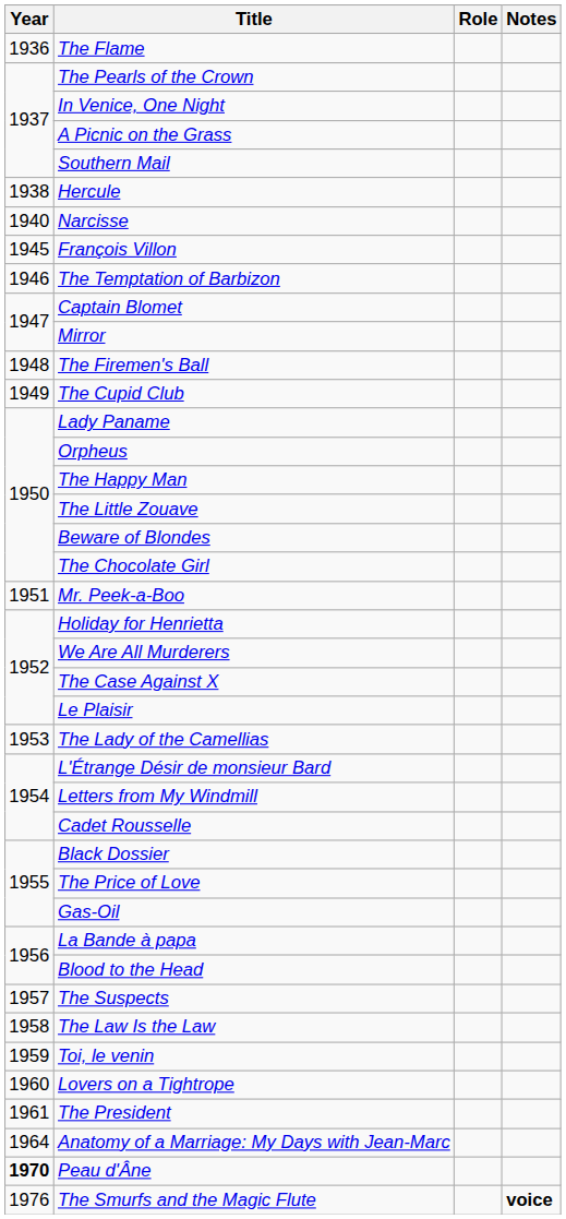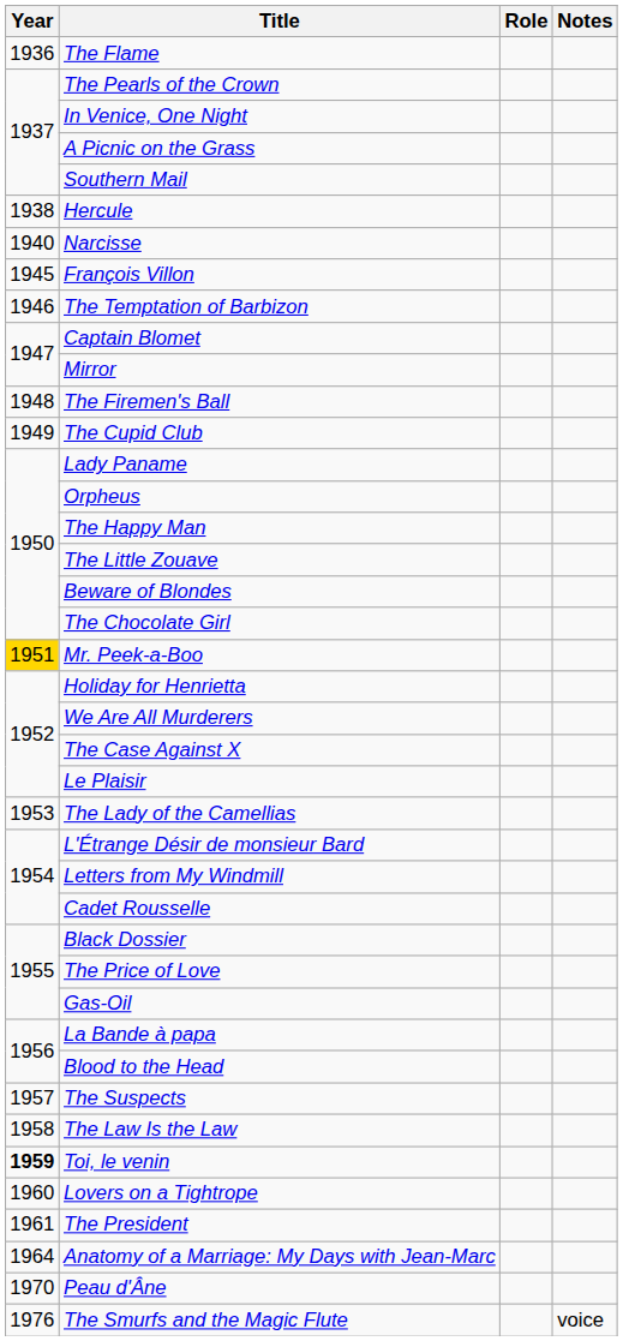 <table class="wikitable sortable">
 <tr>
 <th>Year</th>
 <th>Title</th>
 <th>Role</th>
 <th class="unsortable">Notes</th>
 </tr>
 <tr>
 <td>1936</td>
 <td><em><a href='#'>The Flame</a></em></td>
 <td></td>
 <td></td>
 </tr>
 <tr>
 <td rowspan=4>1937</td>
 <td><em><a href='#'>The Pearls of the Crown</a></em></td>
 <td></td>
 <td></td>
 </tr>
 <tr>
 <td><em><a href='#'>In Venice, One Night</a></em></td>
 <td></td>
 <td></td>
 </tr>
 <tr>
 <td><em><a href='#'>A Picnic on the Grass</a></em></td>
 <td></td>
 <td></td>
 </tr>
 <tr>
 <td><em><a href='#'>Southern Mail</a></em></td>
 <td></td>
 <td></td>
 </tr>
 <tr>
 <td>1938</td>
 <td><em><a href='#'>Hercule</a></em></td>
 <td></td>
 <td></td>
 </tr>
 <tr>
 <td>1940</td>
 <td><em><a href='#'>Narcisse</a></em></td>
 <td></td>
 <td></td>
 </tr>
 <tr>
 <td>1945</td>
 <td><em><a href='#'>François Villon</a></em></td>
 <td></td>
 <td></td>
 </tr>
 <tr>
 <td>1946</td>
 <td><em><a href='#'>The Temptation of Barbizon</a></em></td>
 <td></td>
 <td></td>
 </tr>
 <tr>
 <td rowspan=2>1947</td>
 <td><em><a href='#'>Captain Blomet</a></em></td>
 <td></td>
 <td></td>
 </tr>
 <tr>
 <td><em><a href='#'>Mirror</a></em></td>
 <td></td>
 <td></td>
 </tr>
 <tr>
 <td>1948</td>
 <td><em><a href='#'>The Firemen's Ball</a></em></td>
 <td></td>
 <td></td>
 </tr>
 <tr>
 <td>1949</td>
 <td><em><a href='#'>The Cupid Club</a></em></td>
 <td></td>
 <td></td>
 </tr>
 <tr>
 <td rowspan=6>1950</td>
 <td><em><a href='#'>Lady Paname</a></em></td>
 <td></td>
 <td></td>
 </tr>
 <tr>
 <td><em><a href='#'>Orpheus</a></em></td>
 <td></td>
 <td></td>
 </tr>
 <tr>
 <td><em><a href='#'>The Happy Man</a></em></td>
 <td></td>
 <td></td>
 </tr>
 <tr>
 <td><em><a href='#'>The Little Zouave</a></em></td>
 <td></td>
 <td></td>
 </tr>
 <tr>
 <td><em><a href='#'>Beware of Blondes</a></em></td>
 <td></td>
 <td></td>
 </tr>
 <tr>
 <td><em><a href='#'>The Chocolate Girl</a></em></td>
 <td></td>
 <td></td>
 </tr>
 <tr>
-<td>1951</td>
+<td style="background: gold;">1951</td>
 <td><em><a href='#'>Mr. Peek-a-Boo</a></em></td>
 <td></td>
 <td></td>
 </tr>
 <tr>
 <td rowspan=4>1952</td>
 <td><em><a href='#'>Holiday for Henrietta</a></em></td>
 <td></td>
 <td></td>
 </tr>
 <tr>
 <td><em><a href='#'>We Are All Murderers</a></em></td>
 <td></td>
 <td></td>
 </tr>
 <tr>
 <td><em><a href='#'>The Case Against X</a></em></td>
 <td></td>
 <td></td>
 </tr>
 <tr>
 <td><em><a href='#'>Le Plaisir</a></em></td>
 <td></td>
 <td></td>
 </tr>
 <tr>
 <td>1953</td>
 <td><em><a href='#'>The Lady of the Camellias</a></em></td>
 <td></td>
 <td></td>
 </tr>
 <tr>
 <td rowspan=3>1954</td>
 <td><em><a href='#'>L'Étrange Désir de monsieur Bard</a></em></td>
 <td></td>
 <td></td>
 </tr>
 <tr>
 <td><em><a href='#'>Letters from My Windmill</a></em></td>
 <td></td>
 <td></td>
 </tr>
 <tr>
 <td><em><a href='#'>Cadet Rousselle</a></em></td>
 <td></td>
 <td></td>
 </tr>
 <tr>
 <td rowspan=3>1955</td>
 <td><em><a href='#'>Black Dossier</a></em></td>
 <td></td>
 <td></td>
 </tr>
 <tr>
 <td><em><a href='#'>The Price of Love</a></em></td>
 <td></td>
 <td></td>
 </tr>
 <tr>
 <td><em><a href='#'>Gas-Oil</a></em></td>
 <td></td>
 <td></td>
 </tr>
 <tr>
 <td rowspan=2>1956</td>
 <td><em><a href='#'>La Bande à papa</a></em></td>
 <td></td>
 <td></td>
 </tr>
 <tr>
 <td><em><a href='#'>Blood to the Head</a></em></td>
 <td></td>
 <td></td>
 </tr>
 <tr>
 <td>1957</td>
 <td><em><a href='#'>The Suspects</a></em></td>
 <td></td>
 <td></td>
 </tr>
 <tr>
 <td>1958</td>
 <td><em><a href='#'>The Law Is the Law</a></em></td>
 <td></td>
 <td></td>
 </tr>
 <tr>
-<td>1959</td>
+<td><strong>1959</strong></td>
 <td><em><a href='#'>Toi, le venin</a></em></td>
 <td></td>
 <td></td>
 </tr>
 <tr>
 <td>1960</td>
 <td><em><a href='#'>Lovers on a Tightrope</a></em></td>
 <td></td>
 </tr>
 <tr>
 <td>1961</td>
 <td><em><a href='#'>The President</a></em></td>
 <td></td>
 <td></td>
 </tr>
 <tr>
 <td>1964</td>
 <td><em><a href='#'>Anatomy of a Marriage: My Days with Jean-Marc</a></em></td>
 <td></td>
 <td></td>
 </tr>
 <tr>
-<td><strong>1970</strong></td>
+<td>1970</td>
 <td><em><a href='#'>Peau d'Âne</a></em></td>
 <td></td>
 <td></td>
 </tr>
 <tr>
 <td>1976</td>
 <td><em><a href='#'>The Smurfs and the Magic Flute</a></em></td>
 <td></td>
-<td><strong>voice</strong></td>
+<td>voice</td>
 </tr>
 </table>
